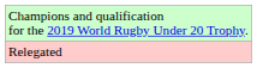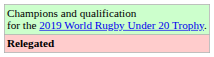 <table class="wikitable">
 <tr style="width:10px; background:#cfc;">
 <td>Champions and qualification<br>for the <a href='#'>2019 World Rugby Under 20 Trophy</a>.</td>
 </tr>
 <tr style="width:10px; background:#fcc;">
-<td>Relegated</td>
+<td><strong>Relegated</strong></td>
 </tr>
 </table>
